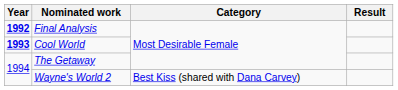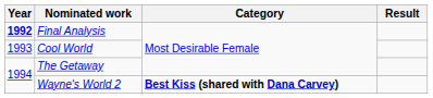 <table class=wikitable>
 <tr>
 <th width=4%>Year</th>
 <th width=26%>Nominated work</th>
 <th width=58%>Category</th>
 <th width=12%>Result</th>
 </tr>
 <tr>
 <td><strong><a href='#'>1992</a></strong></td>
 <td><em><a href='#'>Final Analysis</a></em></td>
 <td rowspan=3><a href='#'>Most Desirable Female</a></td>
 <td></td>
 </tr>
 <tr>
-<td><strong><a href='#'>1993</a></strong></td>
+<td><a href='#'>1993</a></td>
 <td><em><a href='#'>Cool World</a></em></td>
 <td></td>
 </tr>
 <tr>
 <td rowspan=2><a href='#'>1994</a></td>
 <td><em><a href='#'>The Getaway</a></em></td>
 <td></td>
 </tr>
 <tr>
 <td><em><a href='#'>Wayne's World 2</a></em></td>
-<td><a href='#'>Best Kiss</a> (shared with <a href='#'>Dana Carvey</a>)</td>
+<td><strong><a href='#'>Best Kiss</a> (shared with <a href='#'>Dana Carvey</a>)</strong></td>
 <td></td>
 </tr>
 </table>
